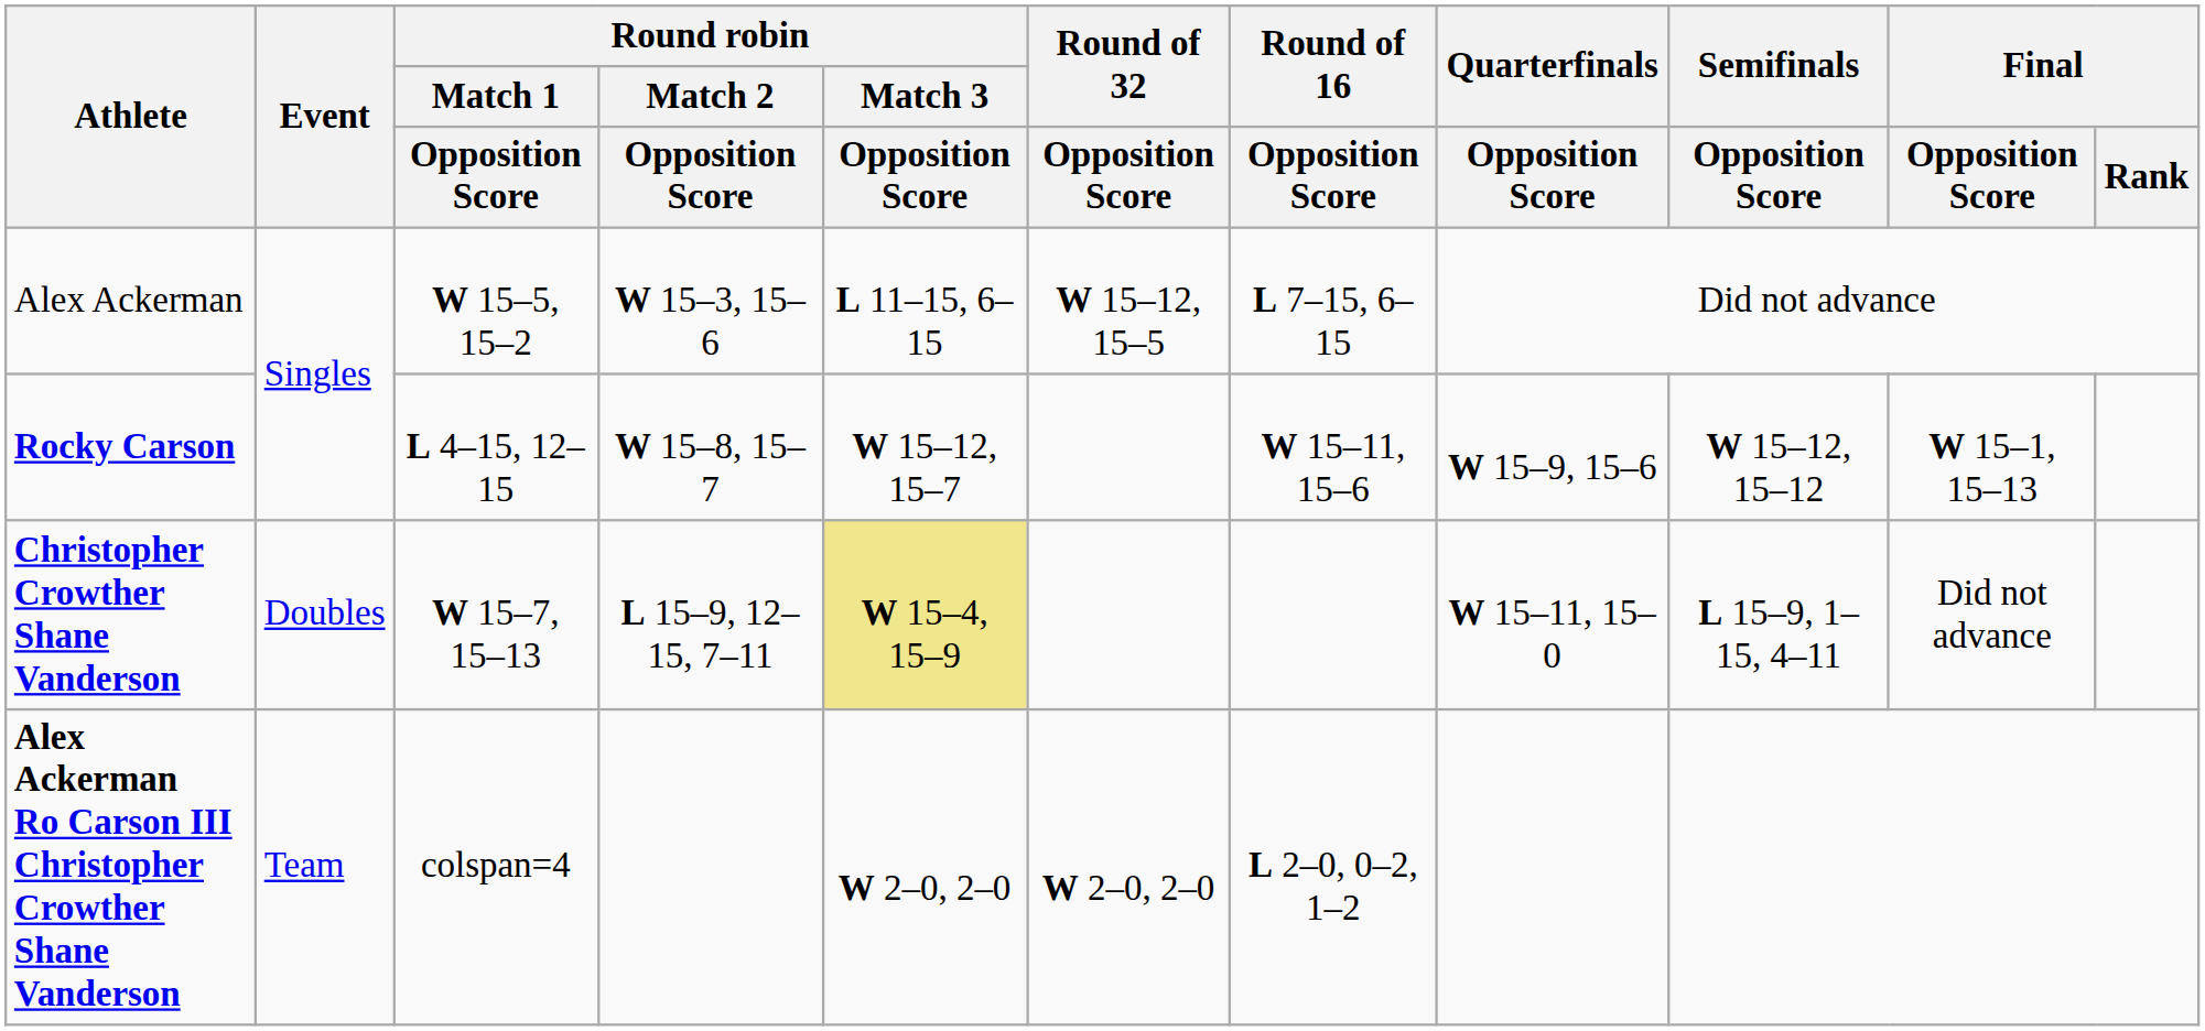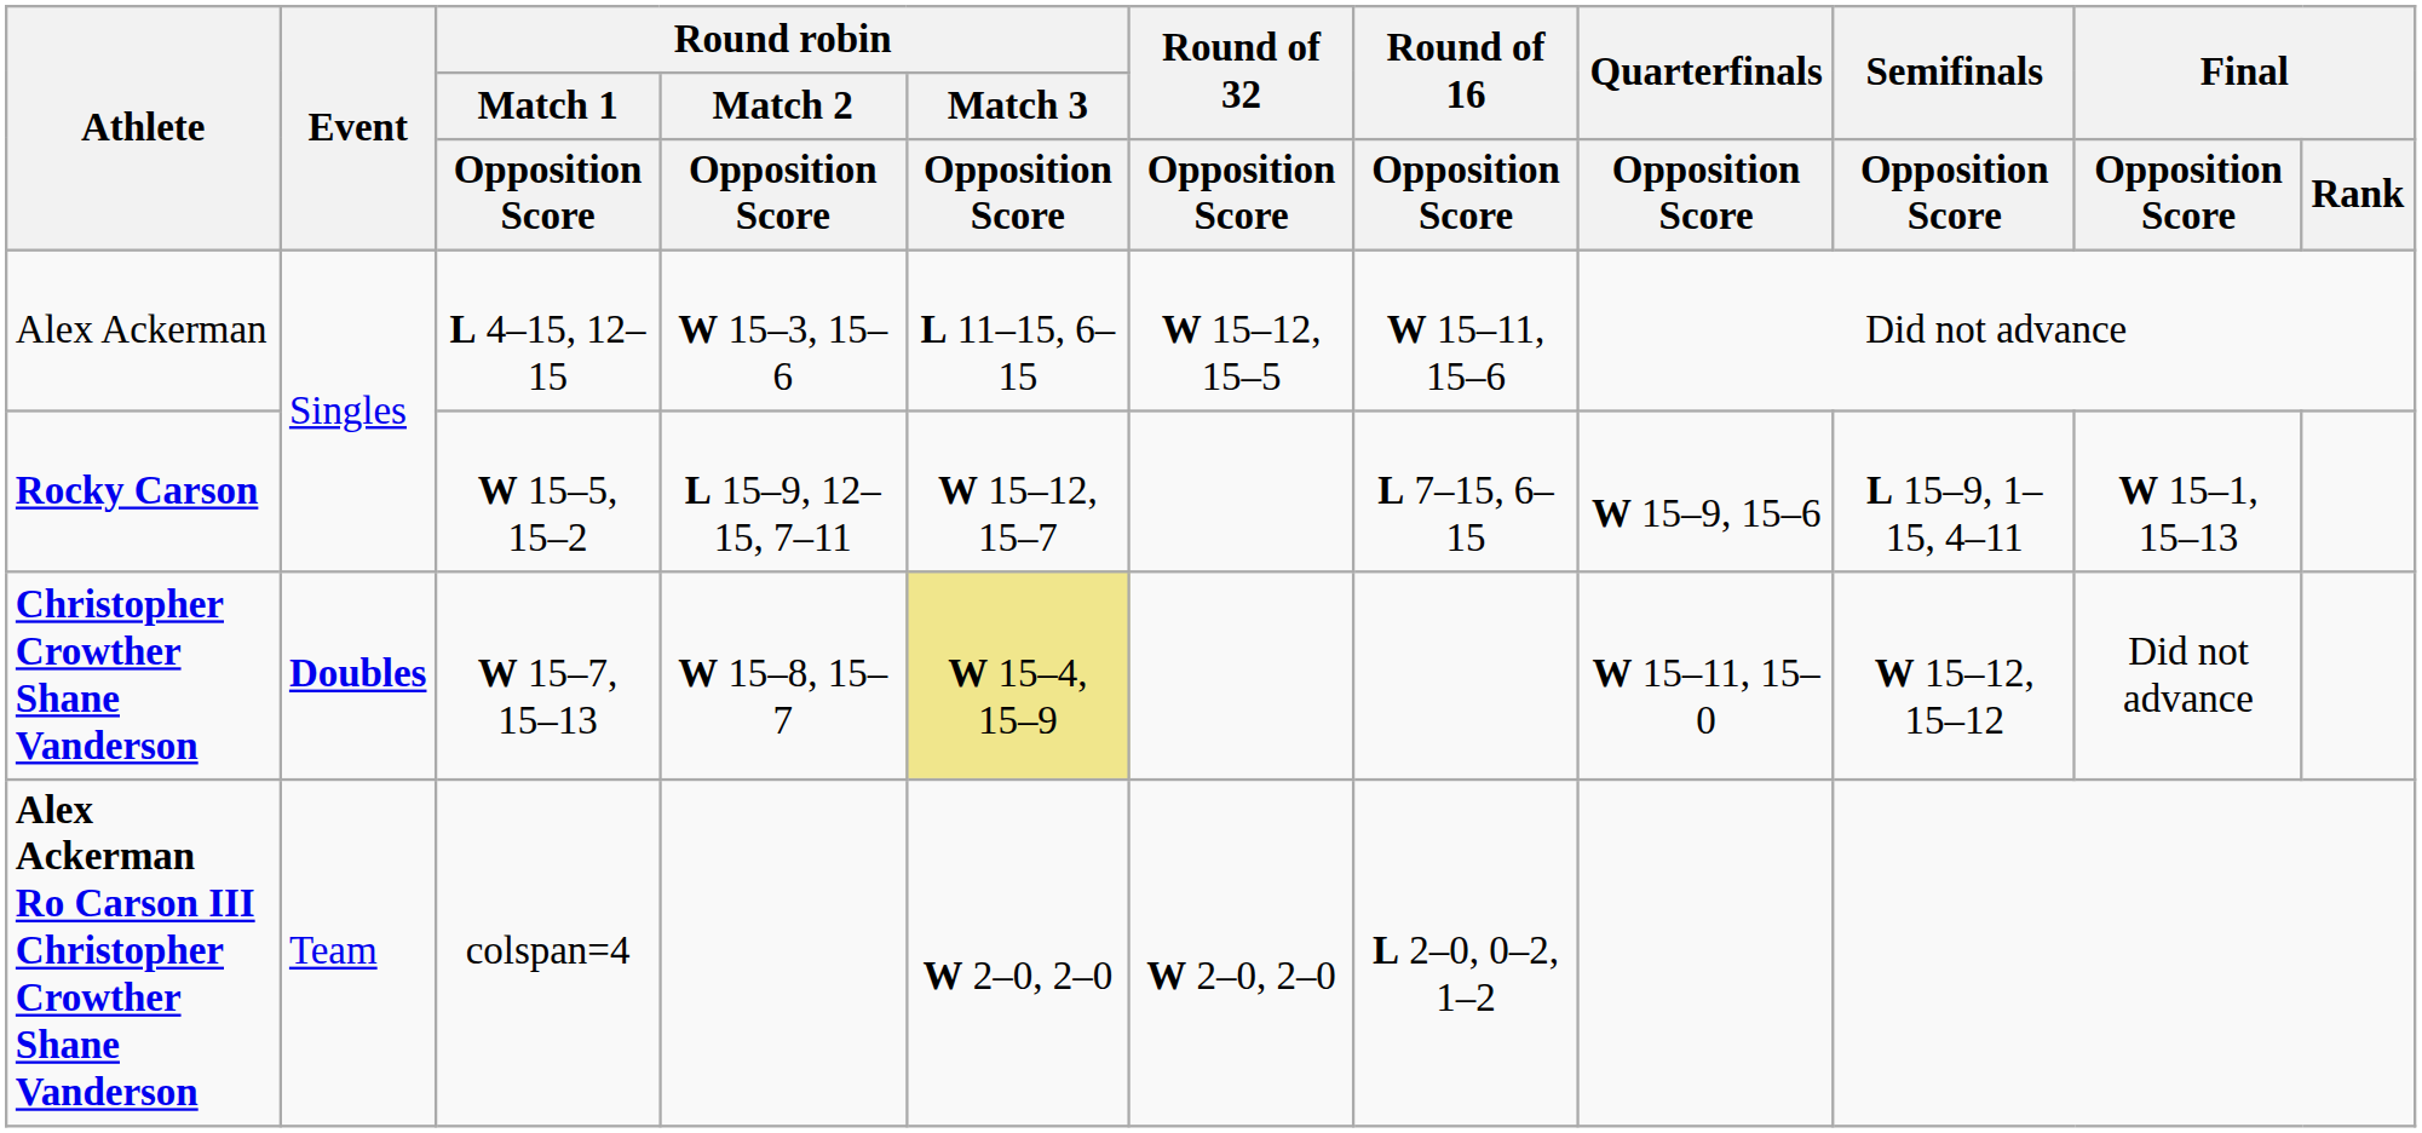 <table class="wikitable" style="font-size:90%">
 <tr>
 <th rowspan=3>Athlete</th>
 <th rowspan=3>Event</th>
 <th colspan=3>Round robin</th>
 <th rowspan=2>Round of 32</th>
 <th rowspan=2>Round of 16</th>
 <th rowspan=2>Quarterfinals</th>
 <th rowspan=2>Semifinals</th>
 <th colspan=2 rowspan=2>Final</th>
 </tr>
 <tr>
 <th>Match 1</th>
 <th>Match 2</th>
 <th>Match 3</th>
 </tr>
 <tr>
 <th>Opposition<br>Score</th>
 <th>Opposition<br>Score</th>
 <th>Opposition<br>Score</th>
 <th>Opposition<br>Score</th>
 <th>Opposition<br>Score</th>
 <th>Opposition<br>Score</th>
 <th>Opposition<br>Score</th>
 <th>Opposition<br>Score</th>
 <th>Rank</th>
 </tr>
 <tr align=center>
 <td align=left>Alex Ackerman</td>
 <td align=left rowspan=2><a href='#'>Singles</a></td>
-<td><br><strong>W</strong> 15–5, 15–2</td>
+<td><br><strong>L</strong> 4–15, 12–15</td>
 <td><br><strong>W</strong> 15–3, 15–6</td>
 <td><br><strong>L</strong> 11–15, 6–15</td>
 <td><br><strong>W</strong>  15–12, 15–5</td>
-<td><br><strong>L</strong> 7–15, 6–15</td>
+<td><br><strong>W</strong> 15–11, 15–6</td>
 <td colspan=4>Did not advance</td>
 </tr>
 <tr align=center>
 <td align=left><strong><a href='#'>Rocky Carson</a></strong></td>
-<td><br><strong>L</strong> 4–15, 12–15</td>
-<td><br><strong>W</strong> 15–8, 15–7</td>
+<td><br><strong>W</strong> 15–5, 15–2</td>
+<td><br><strong>L</strong> 15–9, 12–15, 7–11</td>
 <td><br><strong>W</strong> 15–12, 15–7</td>
 <td></td>
-<td><br><strong>W</strong> 15–11, 15–6</td>
+<td><br><strong>L</strong> 7–15, 6–15</td>
 <td><br><strong>W</strong> 15–9, 15–6</td>
-<td><br><strong>W</strong> 15–12, 15–12</td>
+<td><br><strong>L</strong> 15–9, 1–15, 4–11</td>
 <td><br><strong>W</strong> 15–1, 15–13</td>
 <td></td>
 </tr>
 <tr align=center>
 <td align=left><strong><a href='#'>Christopher Crowther</a><br><a href='#'>Shane Vanderson</a></strong></td>
-<td align=left><a href='#'>Doubles</a></td>
+<td align=left><strong><a href='#'>Doubles</a></strong></td>
 <td><br><strong>W</strong> 15–7, 15–13</td>
-<td><br><strong>L</strong> 15–9, 12–15, 7–11</td>
+<td><br><strong>W</strong> 15–8, 15–7</td>
 <td style="background: khaki;"><br><strong>W</strong> 15–4, 15–9</td>
 <td></td>
 <td></td>
 <td><br><strong>W</strong> 15–11, 15–0</td>
-<td><br><strong>L</strong> 15–9, 1–15, 4–11</td>
+<td><br><strong>W</strong> 15–12, 15–12</td>
 <td>Did not advance</td>
 <td></td>
 </tr>
 <tr align=center>
 <td align=left><strong>Alex Ackerman<br><a href='#'>Ro Carson III</a><br><a href='#'>Christopher Crowther</a><br><a href='#'>Shane Vanderson</a></strong></td>
 <td align=left><a href='#'>Team</a></td>
 <td>colspan=4 </td>
 <td></td>
 <td><br><strong>W</strong> 2–0, 2–0</td>
 <td><br><strong>W</strong> 2–0, 2–0</td>
 <td><br><strong>L</strong> 2–0, 0–2, 1–2</td>
 <td></td>
 </tr>
 </table>
